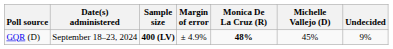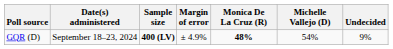 <table class="wikitable" style="font-size:90%;text-align:center;">
 <tr style="vertical-align:bottom">
 <th>Poll source</th>
 <th>Date(s)<br>administered</th>
 <th>Sample<br>size</th>
 <th>Margin<br>of error</th>
 <th style="width:100px;">Monica De<br>La Cruz (R)</th>
 <th style="width:100px;">Michelle<br>Vallejo (D)</th>
 <th>Undecided</th>
 </tr>
 <tr>
 <td style="text-align:left;"><a href='#'>GQR</a> (D)</td>
 <td>September 18–23, 2024</td>
 <td><strong>400 (LV)</strong></td>
 <td>± 4.9%</td>
 <td style="background-color:"><strong>48%</strong></td>
-<td>45%</td>
+<td>54%</td>
 <td>9%</td>
 </tr>
 </table>
